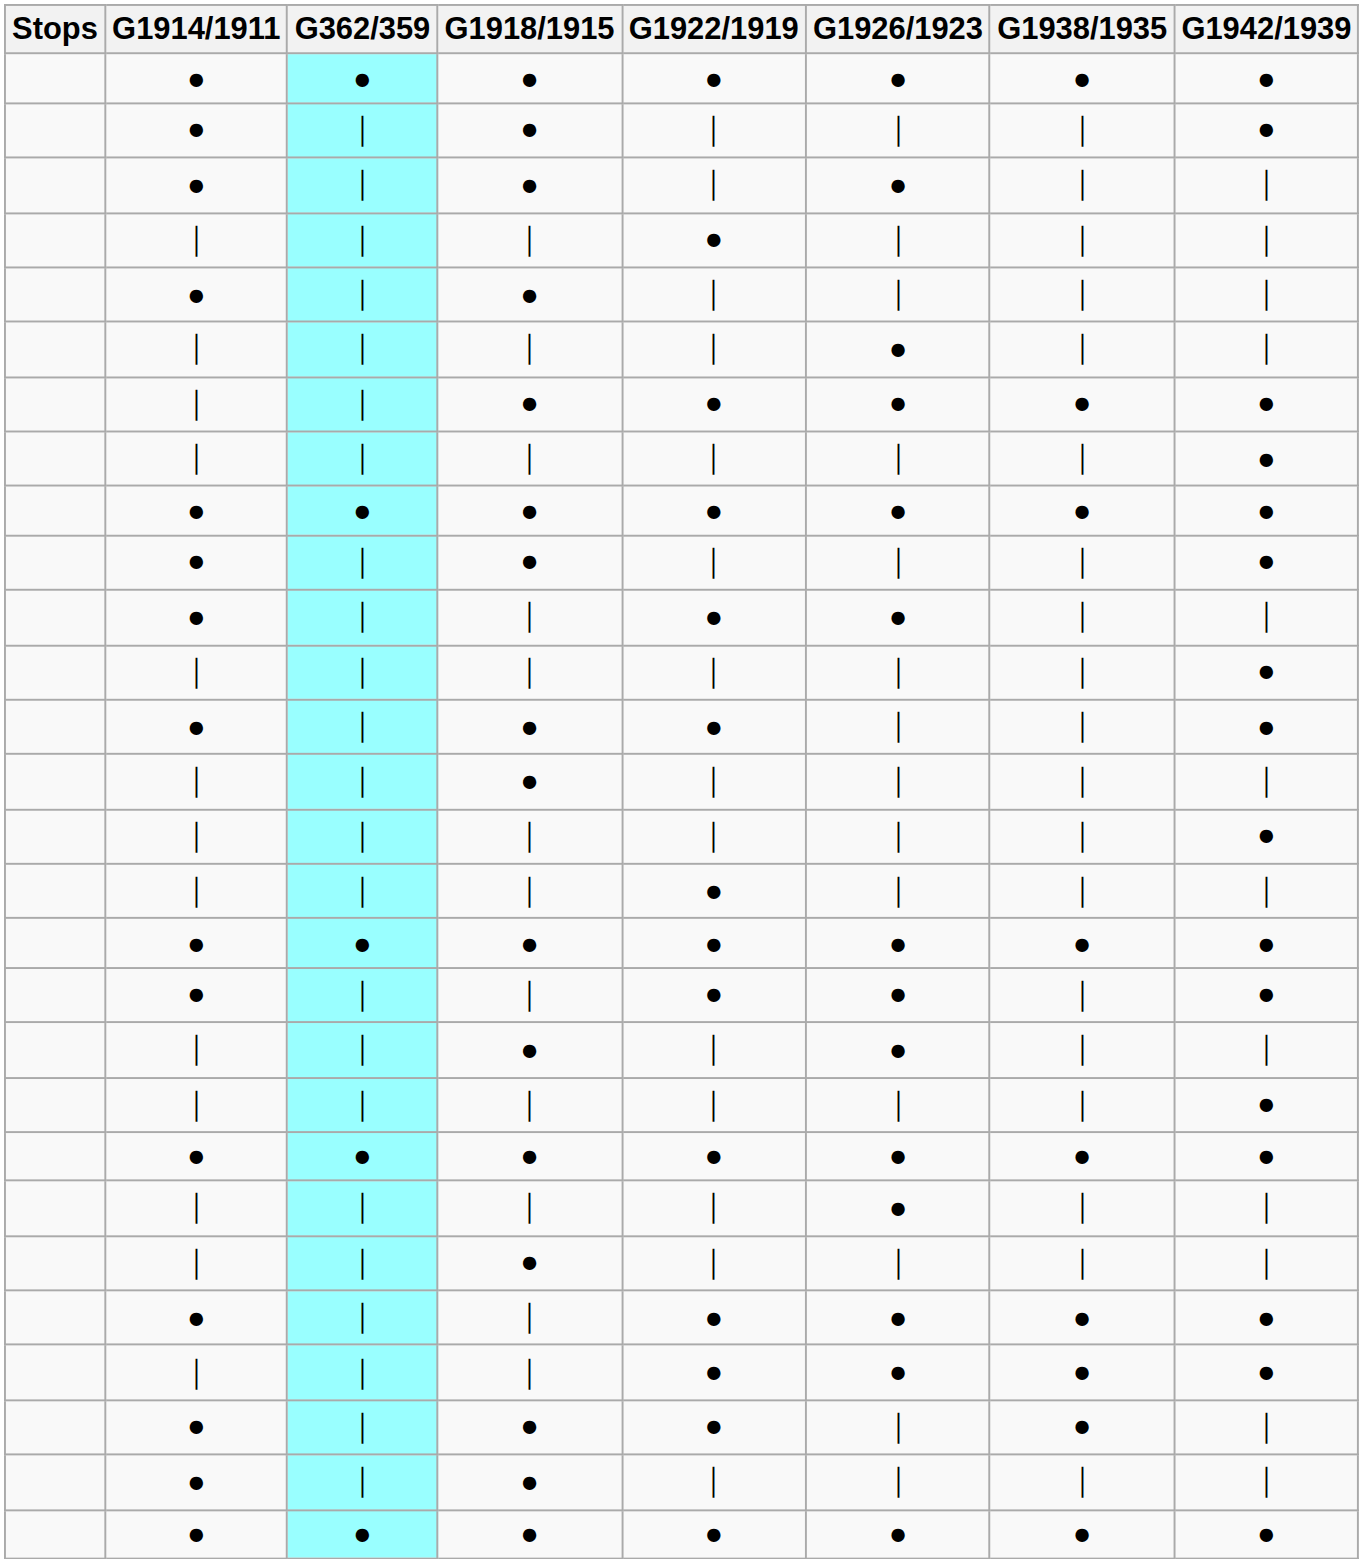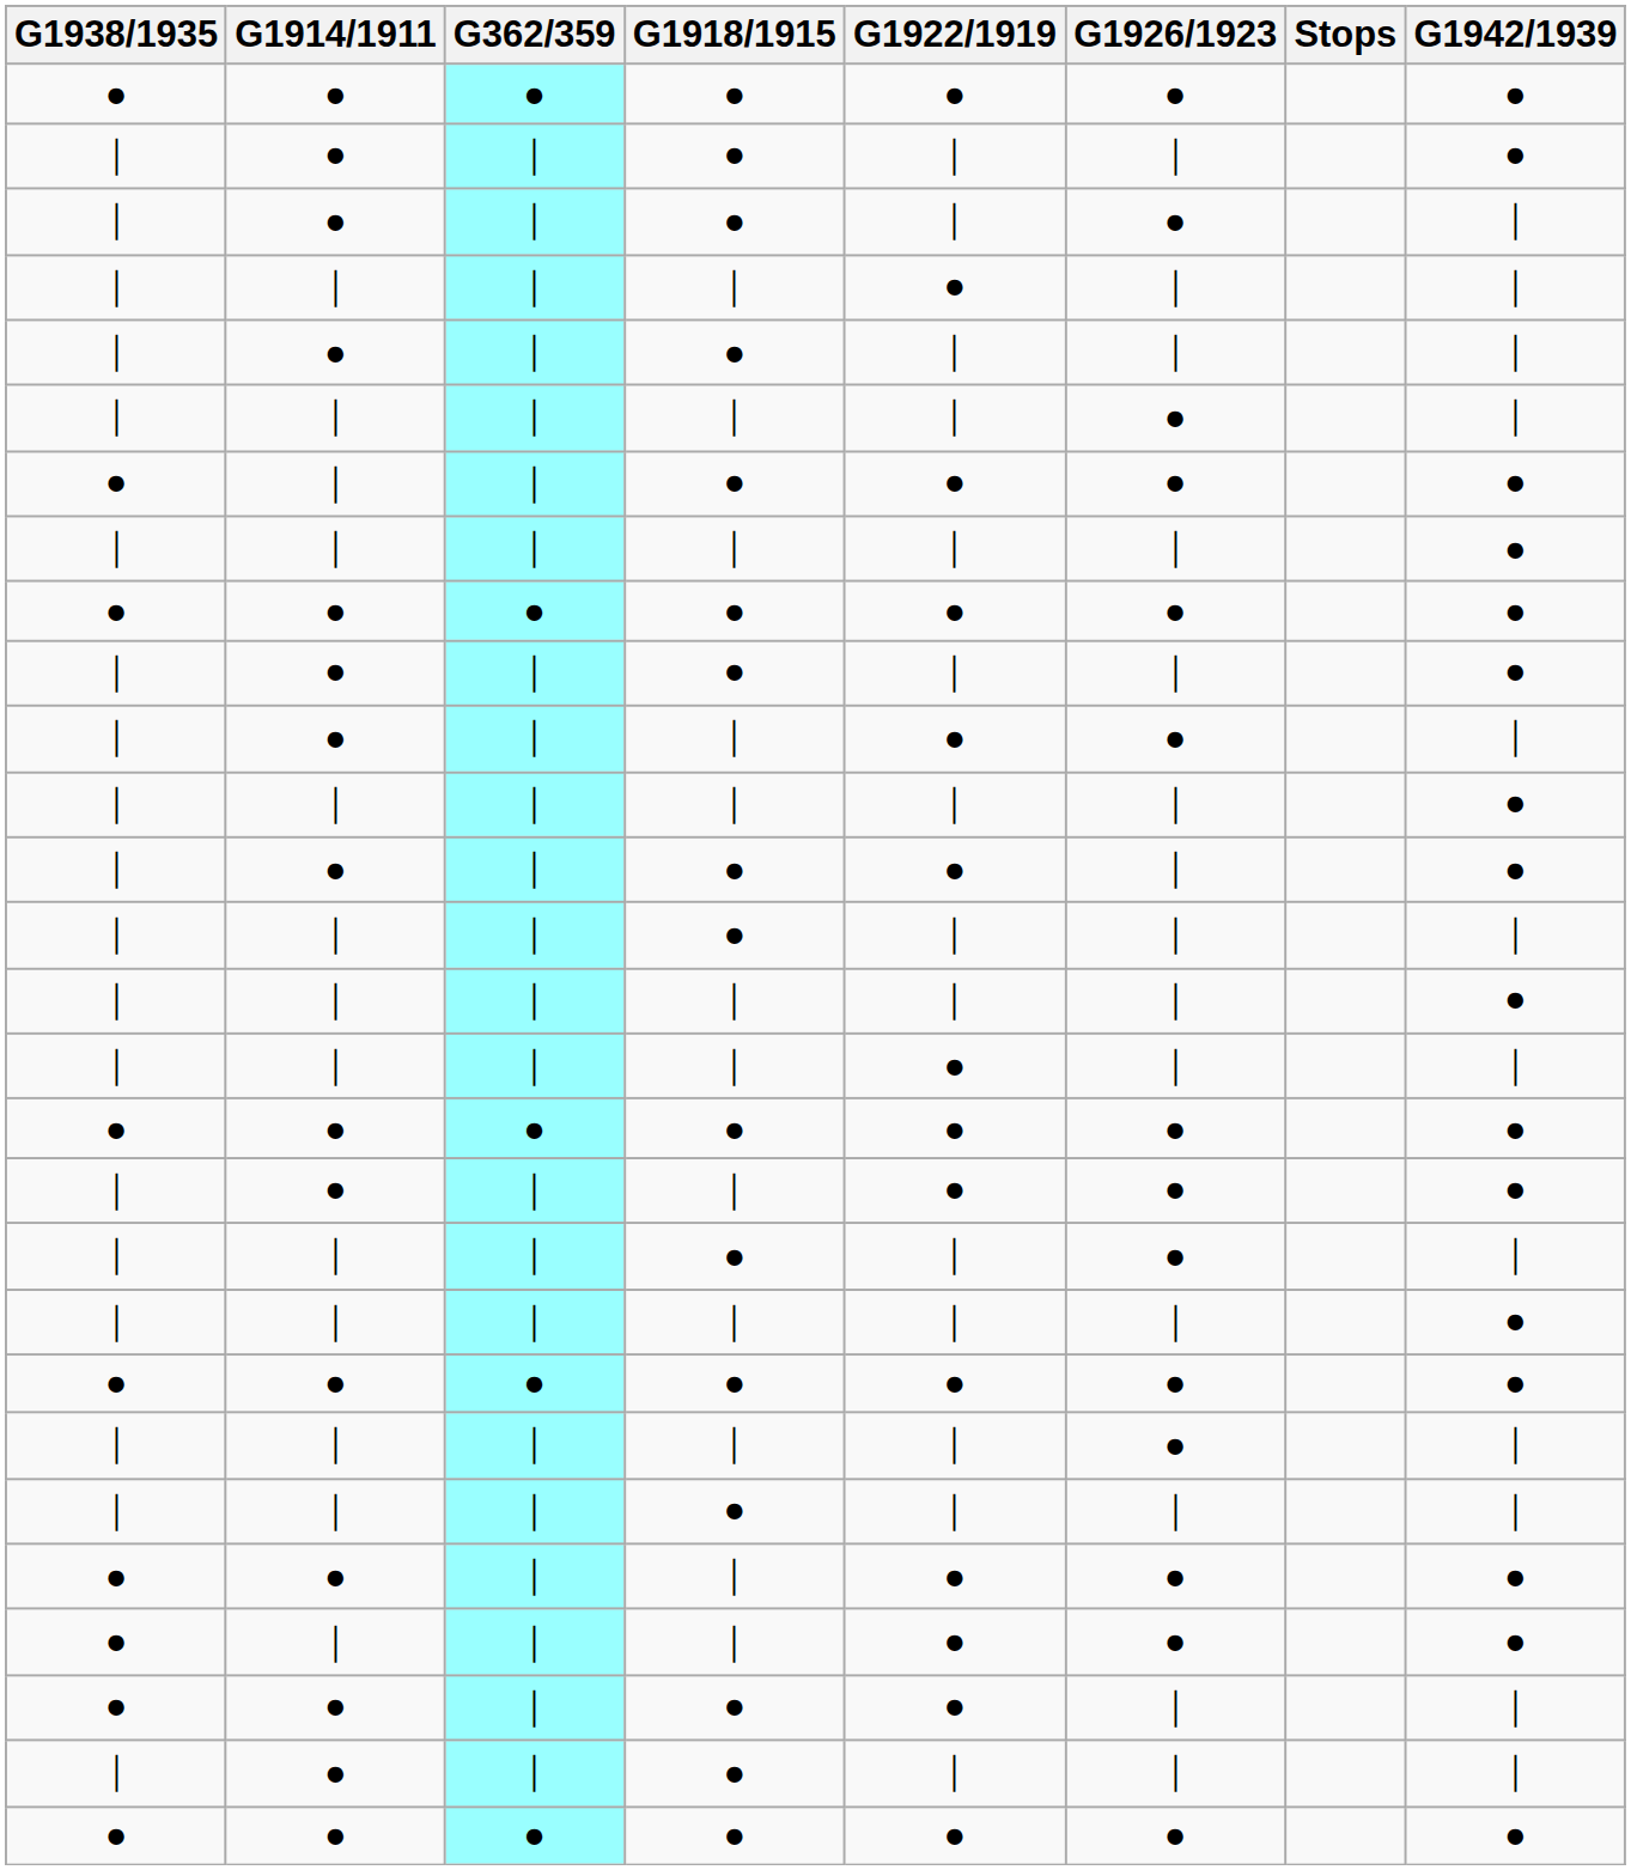 <table class="wikitable" style="text-align: center">
 <tr>
-<th>Stops</th>
+<th>G1938/1935</th>
 <th>G1914/1911</th>
 <th>G362/359</th>
 <th>G1918/1915</th>
 <th>G1922/1919</th>
 <th>G1926/1923</th>
-<th>G1938/1935</th>
+<th>Stops</th>
 <th>G1942/1939</th>
 </tr>
 <tr>
-<td></td>
+<td>●</td>
 <td>●</td>
 <td style="background:#99FFFF">●</td>
 <td>●</td>
 <td>●</td>
 <td>●</td>
-<td>●</td>
+<td></td>
 <td>●</td>
 </tr>
 <tr>
-<td></td>
+<td>｜</td>
 <td>●</td>
 <td style="background:#99FFFF">｜</td>
 <td>●</td>
 <td>｜</td>
 <td>｜</td>
-<td>｜</td>
+<td></td>
 <td>●</td>
 </tr>
 <tr>
-<td></td>
+<td>｜</td>
 <td>●</td>
 <td style="background:#99FFFF">｜</td>
 <td>●</td>
 <td>｜</td>
 <td>●</td>
-<td>｜</td>
+<td></td>
 <td>｜</td>
 </tr>
 <tr>
-<td></td>
+<td>｜</td>
 <td>｜</td>
 <td style="background:#99FFFF">｜</td>
 <td>｜</td>
 <td>●</td>
 <td>｜</td>
-<td>｜</td>
+<td></td>
 <td>｜</td>
 </tr>
 <tr>
-<td></td>
+<td>｜</td>
 <td>●</td>
 <td style="background:#99FFFF">｜</td>
 <td>●</td>
 <td>｜</td>
 <td>｜</td>
-<td>｜</td>
+<td></td>
 <td>｜</td>
 </tr>
 <tr>
-<td></td>
+<td>｜</td>
 <td>｜</td>
 <td style="background:#99FFFF">｜</td>
 <td>｜</td>
 <td>｜</td>
 <td>●</td>
-<td>｜</td>
+<td></td>
 <td>｜</td>
 </tr>
 <tr>
-<td></td>
+<td>●</td>
 <td>｜</td>
 <td style="background:#99FFFF">｜</td>
 <td>●</td>
 <td>●</td>
 <td>●</td>
-<td>●</td>
+<td></td>
 <td>●</td>
 </tr>
 <tr>
-<td></td>
+<td>｜</td>
 <td>｜</td>
 <td style="background:#99FFFF">｜</td>
 <td>｜</td>
 <td>｜</td>
 <td>｜</td>
-<td>｜</td>
+<td></td>
 <td>●</td>
 </tr>
 <tr>
-<td></td>
+<td>●</td>
 <td>●</td>
 <td style="background:#99FFFF">●</td>
 <td>●</td>
 <td>●</td>
 <td>●</td>
-<td>●</td>
+<td></td>
 <td>●</td>
 </tr>
 <tr>
-<td></td>
+<td>｜</td>
 <td>●</td>
 <td style="background:#99FFFF">｜</td>
 <td>●</td>
 <td>｜</td>
 <td>｜</td>
-<td>｜</td>
+<td></td>
 <td>●</td>
 </tr>
 <tr>
-<td></td>
+<td>｜</td>
 <td>●</td>
 <td style="background:#99FFFF">｜</td>
 <td>｜</td>
 <td>●</td>
 <td>●</td>
-<td>｜</td>
+<td></td>
 <td>｜</td>
 </tr>
 <tr>
-<td></td>
+<td>｜</td>
 <td>｜</td>
 <td style="background:#99FFFF">｜</td>
 <td>｜</td>
 <td>｜</td>
 <td>｜</td>
-<td>｜</td>
+<td></td>
 <td>●</td>
 </tr>
 <tr>
-<td></td>
+<td>｜</td>
 <td>●</td>
 <td style="background:#99FFFF">｜</td>
 <td>●</td>
 <td>●</td>
 <td>｜</td>
-<td>｜</td>
+<td></td>
 <td>●</td>
 </tr>
 <tr>
-<td></td>
+<td>｜</td>
 <td>｜</td>
 <td style="background:#99FFFF">｜</td>
 <td>●</td>
 <td>｜</td>
 <td>｜</td>
-<td>｜</td>
+<td></td>
 <td>｜</td>
 </tr>
 <tr>
-<td></td>
+<td>｜</td>
 <td>｜</td>
 <td style="background:#99FFFF">｜</td>
 <td>｜</td>
 <td>｜</td>
 <td>｜</td>
-<td>｜</td>
+<td></td>
 <td>●</td>
 </tr>
 <tr>
-<td></td>
+<td>｜</td>
 <td>｜</td>
 <td style="background:#99FFFF">｜</td>
 <td>｜</td>
 <td>●</td>
 <td>｜</td>
-<td>｜</td>
+<td></td>
 <td>｜</td>
 </tr>
 <tr>
-<td></td>
+<td>●</td>
 <td>●</td>
 <td style="background:#99FFFF">●</td>
 <td>●</td>
 <td>●</td>
 <td>●</td>
-<td>●</td>
+<td></td>
 <td>●</td>
 </tr>
 <tr>
-<td></td>
+<td>｜</td>
 <td>●</td>
 <td style="background:#99FFFF">｜</td>
 <td>｜</td>
 <td>●</td>
 <td>●</td>
-<td>｜</td>
+<td></td>
 <td>●</td>
 </tr>
 <tr>
-<td></td>
+<td>｜</td>
 <td>｜</td>
 <td style="background:#99FFFF">｜</td>
 <td>●</td>
 <td>｜</td>
 <td>●</td>
-<td>｜</td>
+<td></td>
 <td>｜</td>
 </tr>
 <tr>
-<td></td>
+<td>｜</td>
 <td>｜</td>
 <td style="background:#99FFFF">｜</td>
 <td>｜</td>
 <td>｜</td>
 <td>｜</td>
-<td>｜</td>
+<td></td>
 <td>●</td>
 </tr>
 <tr>
-<td></td>
+<td>●</td>
 <td>●</td>
 <td style="background:#99FFFF">●</td>
 <td>●</td>
 <td>●</td>
 <td>●</td>
-<td>●</td>
+<td></td>
 <td>●</td>
 </tr>
 <tr>
-<td></td>
+<td>｜</td>
 <td>｜</td>
 <td style="background:#99FFFF">｜</td>
 <td>｜</td>
 <td>｜</td>
 <td>●</td>
-<td>｜</td>
+<td></td>
 <td>｜</td>
 </tr>
 <tr>
-<td></td>
+<td>｜</td>
 <td>｜</td>
 <td style="background:#99FFFF">｜</td>
 <td>●</td>
 <td>｜</td>
 <td>｜</td>
-<td>｜</td>
+<td></td>
 <td>｜</td>
 </tr>
 <tr>
-<td></td>
+<td>●</td>
 <td>●</td>
 <td style="background:#99FFFF">｜</td>
 <td>｜</td>
 <td>●</td>
 <td>●</td>
-<td>●</td>
+<td></td>
 <td>●</td>
 </tr>
 <tr>
-<td></td>
+<td>●</td>
 <td>｜</td>
 <td style="background:#99FFFF">｜</td>
 <td>｜</td>
 <td>●</td>
 <td>●</td>
-<td>●</td>
+<td></td>
 <td>●</td>
 </tr>
 <tr>
-<td></td>
+<td>●</td>
 <td>●</td>
 <td style="background:#99FFFF">｜</td>
 <td>●</td>
 <td>●</td>
 <td>｜</td>
-<td>●</td>
+<td></td>
 <td>｜</td>
 </tr>
 <tr>
-<td></td>
+<td>｜</td>
 <td>●</td>
 <td style="background:#99FFFF">｜</td>
 <td>●</td>
 <td>｜</td>
 <td>｜</td>
-<td>｜</td>
+<td></td>
 <td>｜</td>
 </tr>
 <tr>
-<td></td>
+<td>●</td>
 <td>●</td>
 <td style="background:#99FFFF">●</td>
 <td>●</td>
 <td>●</td>
 <td>●</td>
-<td>●</td>
+<td></td>
 <td>●</td>
 </tr>
 </table>
